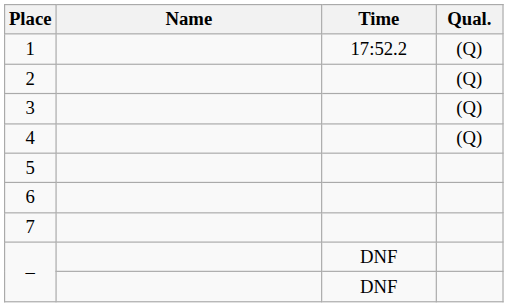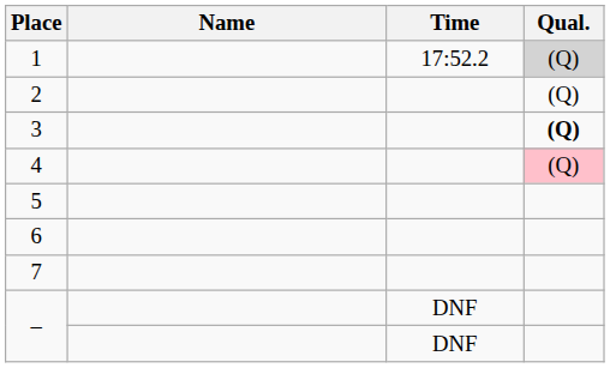 <table class=wikitable style="text-align:center">
 <tr>
 <th width=20>Place</th>
 <th width=220>Name</th>
 <th width=90>Time</th>
 <th width=50>Qual.</th>
 </tr>
 <tr>
 <td>1</td>
 <td align=left></td>
 <td>17:52.2</td>
-<td>(Q)</td>
+<td style="background: lightgrey;">(Q)</td>
 </tr>
 <tr>
 <td>2</td>
 <td align=left></td>
 <td></td>
 <td>(Q)</td>
 </tr>
 <tr>
 <td>3</td>
 <td align=left></td>
 <td></td>
-<td>(Q)</td>
+<td><strong>(Q)</strong></td>
 </tr>
 <tr>
 <td>4</td>
 <td align=left></td>
 <td></td>
-<td>(Q)</td>
+<td style="background: pink;">(Q)</td>
 </tr>
 <tr>
 <td>5</td>
 <td align=left></td>
 <td></td>
 <td></td>
 </tr>
 <tr>
 <td>6</td>
 <td align=left></td>
 <td></td>
 <td></td>
 </tr>
 <tr>
 <td>7</td>
 <td align=left></td>
 <td></td>
 <td></td>
 </tr>
 <tr>
 <td rowspan=2>–</td>
 <td align=left></td>
 <td>DNF</td>
 <td></td>
 </tr>
 <tr>
 <td align=left></td>
 <td>DNF</td>
 <td></td>
 </tr>
 </table>
